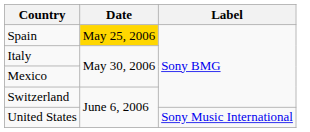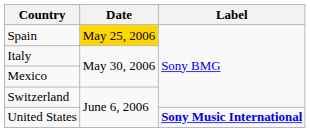 <table class="wikitable">
 <tr>
 <th>Country</th>
 <th>Date</th>
 <th>Label</th>
 </tr>
 <tr>
 <td>Spain</td>
 <td style="background: gold;">May 25, 2006</td>
 <td rowspan="4"><a href='#'>Sony BMG</a></td>
 </tr>
 <tr>
 <td>Italy</td>
 <td rowspan="2">May 30, 2006</td>
 </tr>
 <tr>
 <td>Mexico</td>
 </tr>
 <tr>
 <td>Switzerland</td>
 <td rowspan="2">June 6, 2006</td>
 </tr>
 <tr>
 <td>United States</td>
-<td><a href='#'>Sony Music International</a></td>
+<td><strong><a href='#'>Sony Music International</a></strong></td>
 </tr>
 </table>
